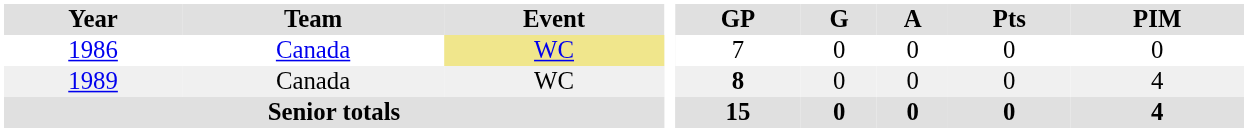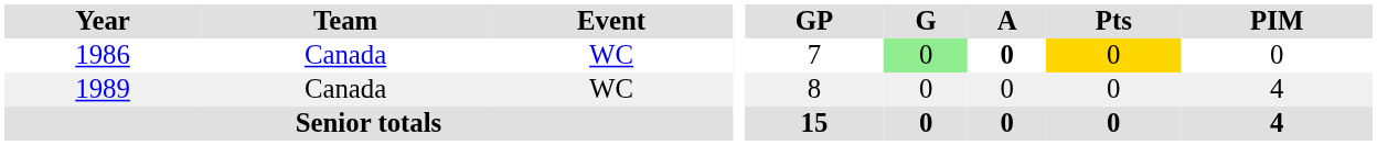 <table border="0" cellpadding="1" cellspacing="0" ID="Table3" style="text-align:center; width:50em">
 <tr ALIGN="center" bgcolor="#e0e0e0">
 <th>Year</th>
 <th>Team</th>
 <th>Event</th>
 <th rowspan="99" bgcolor="#ffffff"></th>
 <th>GP</th>
 <th>G</th>
 <th>A</th>
 <th>Pts</th>
 <th>PIM</th>
 </tr>
 <tr>
 <td><a href='#'>1986</a></td>
 <td><a href='#'>Canada</a></td>
-<td style="background: khaki;"><a href='#'>WC</a></td>
+<td><a href='#'>WC</a></td>
 <td>7</td>
-<td>0</td>
-<td>0</td>
-<td>0</td>
+<td style="background: lightgreen;">0</td>
+<td><strong>0</strong></td>
+<td style="background: gold;">0</td>
 <td>0</td>
 </tr>
 <tr bgcolor="#f0f0f0">
 <td><a href='#'>1989</a></td>
 <td>Canada</td>
 <td>WC</td>
-<td><strong>8</strong></td>
+<td>8</td>
 <td>0</td>
 <td>0</td>
 <td>0</td>
 <td>4</td>
 </tr>
 <tr bgcolor="#e0e0e0">
 <th colspan="3">Senior totals</th>
 <th>15</th>
 <th>0</th>
 <th>0</th>
 <th>0</th>
 <th>4</th>
 </tr>
 </table>
